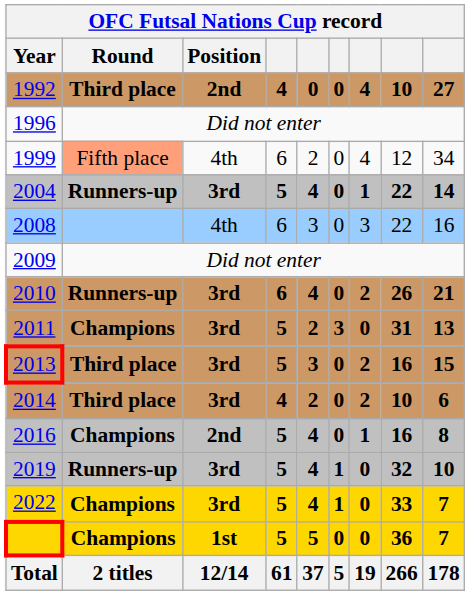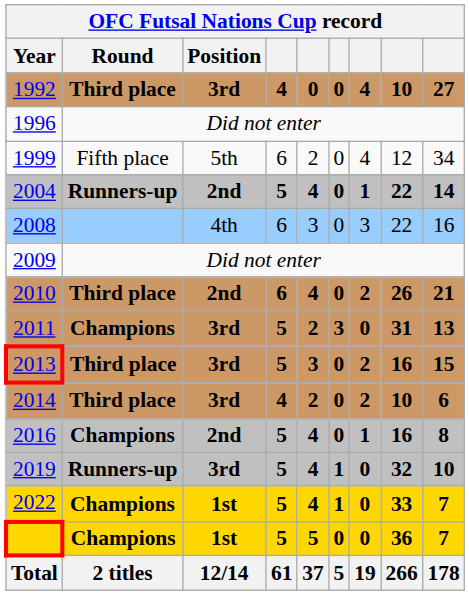 <table class="wikitable" style="text-align: center;">
 <tr>
 <th colspan=9><a href='#'>OFC Futsal Nations Cup</a> record</th>
 </tr>
 <tr>
 <th>Year</th>
 <th>Round</th>
 <th>Position</th>
 <th></th>
 <th></th>
 <th></th>
 <th></th>
 <th></th>
 <th></th>
 </tr>
 <tr bgcolor="#cc9966">
 <td> <a href='#'>1992</a></td>
 <td><strong>Third place</strong></td>
-<td><strong>2nd</strong></td>
+<td><strong>3rd</strong></td>
 <td><strong>4</strong></td>
 <td><strong>0</strong></td>
 <td><strong>0</strong></td>
 <td><strong>4</strong></td>
 <td><strong>10</strong></td>
 <td><strong>27</strong></td>
 </tr>
 <tr>
 <td> <a href='#'>1996</a></td>
 <td colspan=8><em>Did not enter</em></td>
 </tr>
 <tr>
 <td> <a href='#'>1999</a></td>
-<td style="background: lightsalmon;">Fifth place</td>
-<td>4th</td>
+<td>Fifth place</td>
+<td>5th</td>
 <td>6</td>
 <td>2</td>
 <td>0</td>
 <td>4</td>
 <td>12</td>
 <td>34</td>
 </tr>
 <tr bgcolor=silver>
 <td> <a href='#'>2004</a></td>
 <td><strong>Runners-up</strong></td>
-<td><strong>3rd</strong></td>
+<td><strong>2nd</strong></td>
 <td><strong>5</strong></td>
 <td><strong>4</strong></td>
 <td><strong>0</strong></td>
 <td><strong>1</strong></td>
 <td><strong>22</strong></td>
 <td><strong>14</strong></td>
 </tr>
 <tr style="background:#9acdff;">
 <td> <a href='#'>2008</a></td>
 <td></td>
 <td>4th</td>
 <td>6</td>
 <td>3</td>
 <td>0</td>
 <td>3</td>
 <td>22</td>
 <td>16</td>
 </tr>
 <tr>
 <td> <a href='#'>2009</a></td>
 <td colspan=8><em>Did not enter</em></td>
 </tr>
 <tr bgcolor="#cc9966">
 <td> <a href='#'>2010</a></td>
-<td><strong>Runners-up</strong></td>
-<td><strong>3rd</strong></td>
+<td><strong>Third place</strong></td>
+<td><strong>2nd</strong></td>
 <td><strong>6</strong></td>
 <td><strong>4</strong></td>
 <td><strong>0</strong></td>
 <td><strong>2</strong></td>
 <td><strong>26</strong></td>
 <td><strong>21</strong></td>
 </tr>
 <tr bgcolor="#cc9966">
 <td> <a href='#'>2011</a></td>
 <td><strong>Champions</strong></td>
 <td><strong>3rd</strong></td>
 <td><strong>5</strong></td>
 <td><strong>2</strong></td>
 <td><strong>3</strong></td>
 <td><strong>0</strong></td>
 <td><strong>31</strong></td>
 <td><strong>13</strong></td>
 </tr>
 <tr bgcolor="#cc9966">
 <td style="border: 3px solid red"> <a href='#'>2013</a></td>
 <td><strong>Third place</strong></td>
 <td><strong>3rd</strong></td>
 <td><strong>5</strong></td>
 <td><strong>3</strong></td>
 <td><strong>0</strong></td>
 <td><strong>2</strong></td>
 <td><strong>16</strong></td>
 <td><strong>15</strong></td>
 </tr>
 <tr bgcolor="#cc9966">
 <td> <a href='#'>2014</a></td>
 <td><strong>Third place</strong></td>
 <td><strong>3rd</strong></td>
 <td><strong>4</strong></td>
 <td><strong>2</strong></td>
 <td><strong>0</strong></td>
 <td><strong>2</strong></td>
 <td><strong>10</strong></td>
 <td><strong>6</strong></td>
 </tr>
 <tr bgcolor=silver>
 <td> <a href='#'>2016</a></td>
 <td><strong>Champions</strong></td>
 <td><strong>2nd</strong></td>
 <td><strong>5</strong></td>
 <td><strong>4</strong></td>
 <td><strong>0</strong></td>
 <td><strong>1</strong></td>
 <td><strong>16</strong></td>
 <td><strong>8</strong></td>
 </tr>
 <tr bgcolor=silver>
 <td> <a href='#'>2019</a></td>
 <td><strong>Runners-up</strong></td>
 <td><strong>3rd</strong></td>
 <td><strong>5</strong></td>
 <td><strong>4</strong></td>
 <td><strong>1</strong></td>
 <td><strong>0</strong></td>
 <td><strong>32</strong></td>
 <td><strong>10</strong></td>
 </tr>
 <tr bgcolor=gold>
 <td> <a href='#'>2022</a></td>
 <td><strong>Champions</strong></td>
-<td><strong>3rd</strong></td>
+<td><strong>1st</strong></td>
 <td><strong>5</strong></td>
 <td><strong>4</strong></td>
 <td><strong>1</strong></td>
 <td><strong>0</strong></td>
 <td><strong>33</strong></td>
 <td><strong>7</strong></td>
 </tr>
 <tr bgcolor=gold>
 <td style="border: 3px solid red"></td>
 <td><strong>Champions</strong></td>
 <td><strong>1st</strong></td>
 <td><strong>5</strong></td>
 <td><strong>5</strong></td>
 <td><strong>0</strong></td>
 <td><strong>0</strong></td>
 <td><strong>36</strong></td>
 <td><strong>7</strong></td>
 </tr>
 <tr>
 <th>Total</th>
 <th>2 titles</th>
 <th>12/14</th>
 <th>61</th>
 <th>37</th>
 <th>5</th>
 <th>19</th>
 <th>266</th>
 <th>178</th>
 </tr>
 </table>
